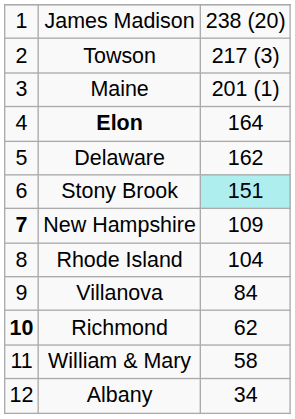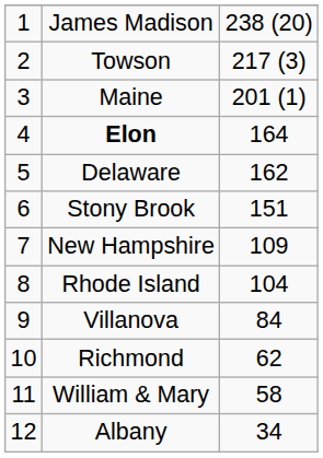 <table class="wikitable">
 <tr align="center">
 </tr>
 <tr align="center">
 <td>1</td>
 <td>James Madison</td>
 <td>238 (20)</td>
 </tr>
 <tr align="center">
 <td>2</td>
 <td>Towson</td>
 <td>217 (3)</td>
 </tr>
 <tr align="center">
 <td>3</td>
 <td>Maine</td>
 <td>201 (1)</td>
 </tr>
 <tr align="center">
 <td>4</td>
 <td><strong>Elon</strong></td>
 <td>164</td>
 </tr>
 <tr align="center">
 <td>5</td>
 <td>Delaware</td>
 <td>162</td>
 </tr>
 <tr align="center">
 <td>6</td>
 <td>Stony Brook</td>
-<td style="background: paleturquoise;">151</td>
+<td>151</td>
 </tr>
 <tr align="center">
-<td><strong>7</strong></td>
+<td>7</td>
 <td>New Hampshire</td>
 <td>109</td>
 </tr>
 <tr align="center">
 <td>8</td>
 <td>Rhode Island</td>
 <td>104</td>
 </tr>
 <tr align="center">
 <td>9</td>
 <td>Villanova</td>
 <td>84</td>
 </tr>
 <tr align="center">
-<td><strong>10</strong></td>
+<td>10</td>
 <td>Richmond</td>
 <td>62</td>
 </tr>
 <tr align="center">
 <td>11</td>
 <td>William & Mary</td>
 <td>58</td>
 </tr>
 <tr align="center">
 <td>12</td>
 <td>Albany</td>
 <td>34</td>
 </tr>
 </table>
